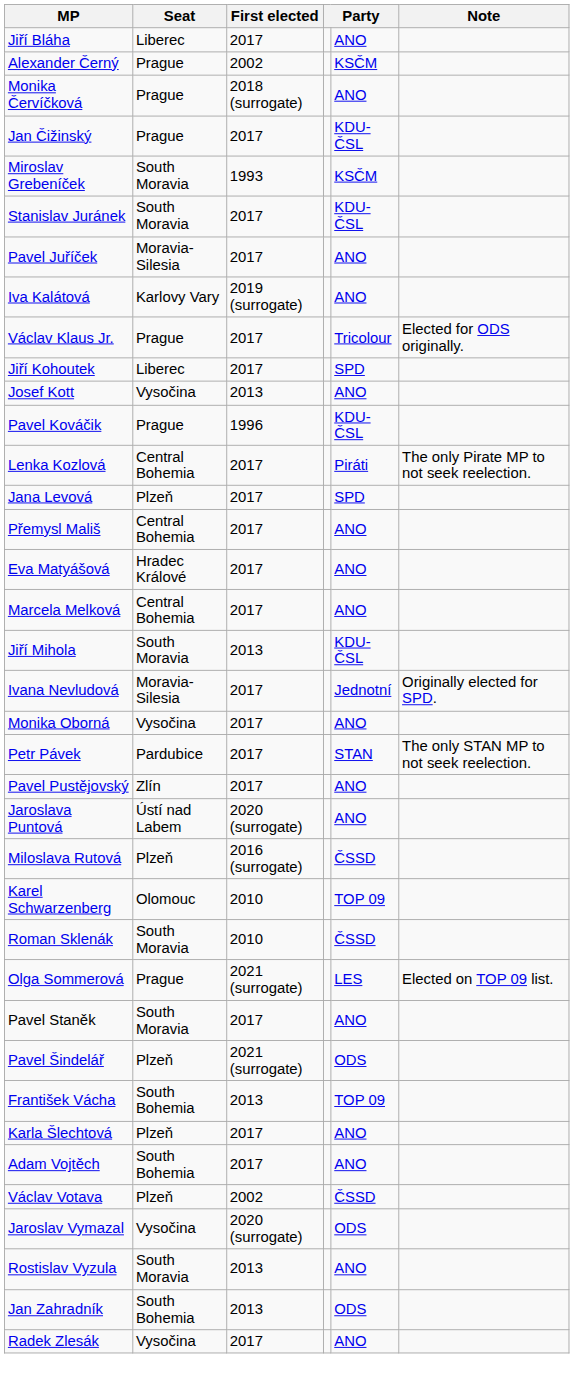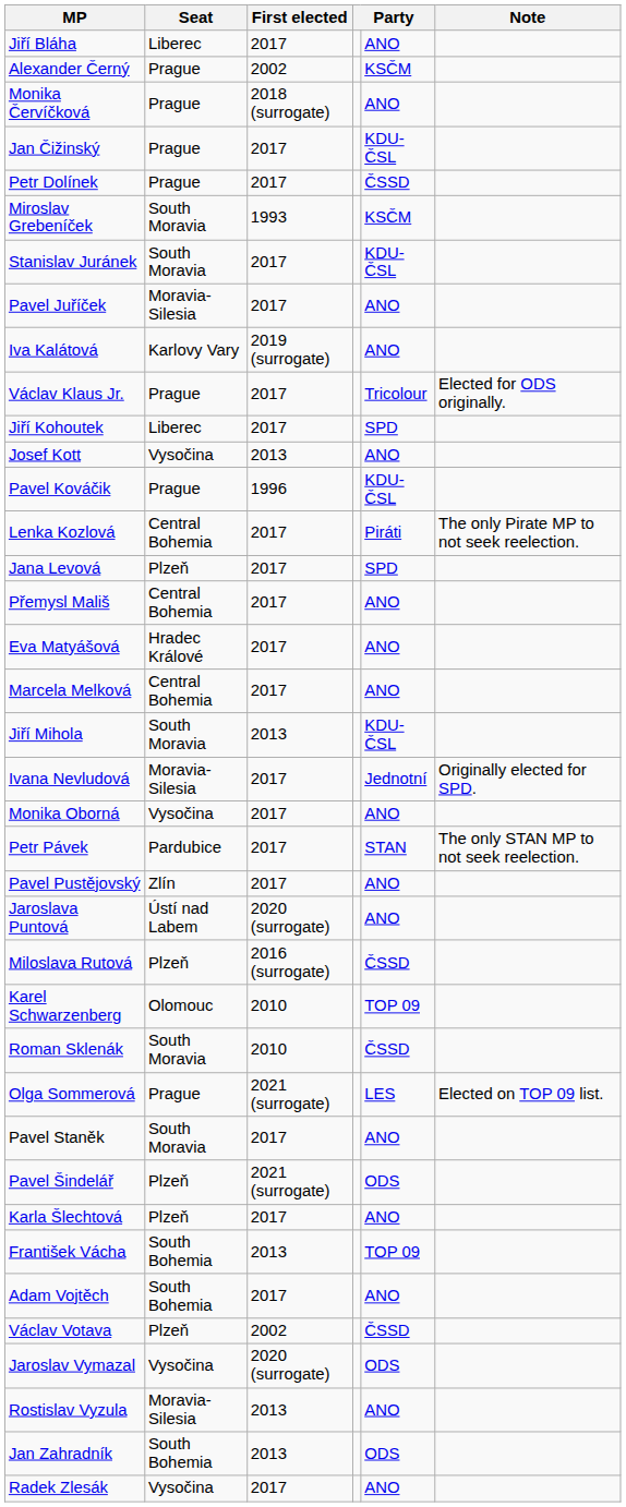 <table class="wikitable mw-collapsible mw-collapsed">
 <tr>
 <th scope="col">MP</th>
 <th scope="col">Seat</th>
 <th scope="col">First elected</th>
 <th colspan="2" scope="col">Party</th>
 <th scope="col">Note</th>
 </tr>
 <tr>
 <td><a href='#'>Jiří Bláha</a></td>
 <td>Liberec</td>
 <td>2017</td>
 <td width="1"></td>
 <td><a href='#'>ANO</a></td>
 <td></td>
 </tr>
 <tr>
 <td><a href='#'>Alexander Černý</a></td>
 <td>Prague</td>
 <td>2002</td>
 <td width="1"></td>
 <td><a href='#'>KSČM</a></td>
 <td></td>
 </tr>
 <tr>
 <td><a href='#'>Monika Červíčková</a></td>
 <td>Prague</td>
 <td>2018 (surrogate)</td>
 <td width="1"></td>
 <td><a href='#'>ANO</a></td>
 <td></td>
 </tr>
 <tr>
 <td><a href='#'>Jan Čižinský</a></td>
 <td>Prague</td>
 <td>2017</td>
 <td width="1"></td>
 <td><a href='#'>KDU-ČSL</a></td>
+<td></td>
+</tr>
+<tr>
+<td><a href='#'>Petr Dolínek</a></td>
+<td>Prague</td>
+<td>2017</td>
+<td width="1"></td>
+<td><a href='#'>ČSSD</a></td>
 <td></td>
 </tr>
 <tr>
 <td><a href='#'>Miroslav Grebeníček</a></td>
 <td>South Moravia</td>
 <td>1993</td>
 <td width="1"></td>
 <td><a href='#'>KSČM</a></td>
 <td></td>
 </tr>
 <tr>
 <td><a href='#'>Stanislav Juránek</a></td>
 <td>South Moravia</td>
 <td>2017</td>
 <td width="1"></td>
 <td><a href='#'>KDU-ČSL</a></td>
 <td></td>
 </tr>
 <tr>
 <td><a href='#'>Pavel Juříček</a></td>
 <td>Moravia-Silesia</td>
 <td>2017</td>
 <td width="1"></td>
 <td><a href='#'>ANO</a></td>
 <td></td>
 </tr>
 <tr>
 <td><a href='#'>Iva Kalátová</a></td>
 <td>Karlovy Vary</td>
 <td>2019 (surrogate)</td>
 <td width="1"></td>
 <td><a href='#'>ANO</a></td>
 <td></td>
 </tr>
 <tr>
 <td><a href='#'>Václav Klaus Jr.</a></td>
 <td>Prague</td>
 <td>2017</td>
 <td width="1"></td>
 <td><a href='#'>Tricolour</a></td>
 <td>Elected for <a href='#'>ODS</a> originally.</td>
 </tr>
 <tr>
 <td><a href='#'>Jiří Kohoutek</a></td>
 <td>Liberec</td>
 <td>2017</td>
 <td width="1"></td>
 <td><a href='#'>SPD</a></td>
 <td></td>
 </tr>
 <tr>
 <td><a href='#'>Josef Kott</a></td>
 <td>Vysočina</td>
 <td>2013</td>
 <td width="1"></td>
 <td><a href='#'>ANO</a></td>
 <td></td>
 </tr>
 <tr>
 <td><a href='#'>Pavel Kováčik</a></td>
 <td>Prague</td>
 <td>1996</td>
 <td width="1"></td>
 <td><a href='#'>KDU-ČSL</a></td>
 <td></td>
 </tr>
 <tr>
 <td><a href='#'>Lenka Kozlová</a></td>
 <td>Central Bohemia</td>
 <td>2017</td>
 <td width="1"></td>
 <td><a href='#'>Piráti</a></td>
 <td>The only Pirate MP to not seek reelection.</td>
 </tr>
 <tr>
 <td><a href='#'>Jana Levová</a></td>
 <td>Plzeň</td>
 <td>2017</td>
 <td width="1"></td>
 <td><a href='#'>SPD</a></td>
 <td></td>
 </tr>
 <tr>
 <td><a href='#'>Přemysl Mališ</a></td>
 <td>Central Bohemia</td>
 <td>2017</td>
 <td width="1"></td>
 <td><a href='#'>ANO</a></td>
 <td></td>
 </tr>
 <tr>
 <td><a href='#'>Eva Matyášová</a></td>
 <td>Hradec Králové</td>
 <td>2017</td>
 <td width="1"></td>
 <td><a href='#'>ANO</a></td>
 <td></td>
 </tr>
 <tr>
 <td><a href='#'>Marcela Melková</a></td>
 <td>Central Bohemia</td>
 <td>2017</td>
 <td width="1"></td>
 <td><a href='#'>ANO</a></td>
 <td></td>
 </tr>
 <tr>
 <td><a href='#'>Jiří Mihola</a></td>
 <td>South Moravia</td>
 <td>2013</td>
 <td width="1"></td>
 <td><a href='#'>KDU-ČSL</a></td>
 <td></td>
 </tr>
 <tr>
 <td><a href='#'>Ivana Nevludová</a></td>
 <td>Moravia-Silesia</td>
 <td>2017</td>
 <td width="1"></td>
 <td><a href='#'>Jednotní</a></td>
 <td>Originally elected for <a href='#'>SPD</a>.</td>
 </tr>
 <tr>
 <td><a href='#'>Monika Oborná</a></td>
 <td>Vysočina</td>
 <td>2017</td>
 <td width="1"></td>
 <td><a href='#'>ANO</a></td>
 <td></td>
 </tr>
 <tr>
 <td><a href='#'>Petr Pávek</a></td>
 <td>Pardubice</td>
 <td>2017</td>
 <td width="1"></td>
 <td><a href='#'>STAN</a></td>
 <td>The only STAN MP to not seek reelection.</td>
 </tr>
 <tr>
 <td><a href='#'>Pavel Pustějovský</a></td>
 <td>Zlín</td>
 <td>2017</td>
 <td width="1"></td>
 <td><a href='#'>ANO</a></td>
 <td></td>
 </tr>
 <tr>
 <td><a href='#'>Jaroslava Puntová</a></td>
 <td>Ústí nad Labem</td>
 <td>2020 (surrogate)</td>
 <td width="1"></td>
 <td><a href='#'>ANO</a></td>
 <td></td>
 </tr>
 <tr>
 <td><a href='#'>Miloslava Rutová</a></td>
 <td>Plzeň</td>
 <td>2016 (surrogate)</td>
 <td width="1"></td>
 <td><a href='#'>ČSSD</a></td>
 <td></td>
 </tr>
 <tr>
 <td><a href='#'>Karel Schwarzenberg</a></td>
 <td>Olomouc</td>
 <td>2010</td>
 <td width="1"></td>
 <td><a href='#'>TOP 09</a></td>
 <td></td>
 </tr>
 <tr>
 <td><a href='#'>Roman Sklenák</a></td>
 <td>South Moravia</td>
 <td>2010</td>
 <td width="1"></td>
 <td><a href='#'>ČSSD</a></td>
 <td></td>
 </tr>
 <tr>
 <td><a href='#'>Olga Sommerová</a></td>
 <td>Prague</td>
 <td>2021 (surrogate)</td>
 <td width="1"></td>
 <td><a href='#'>LES</a></td>
 <td>Elected on <a href='#'>TOP 09</a> list.</td>
 </tr>
 <tr>
 <td>Pavel Staněk</td>
 <td>South Moravia</td>
 <td>2017</td>
 <td width="1"></td>
 <td><a href='#'>ANO</a></td>
 <td></td>
 </tr>
 <tr>
 <td><a href='#'>Pavel Šindelář</a></td>
 <td>Plzeň</td>
 <td>2021 (surrogate)</td>
 <td width="1"></td>
 <td><a href='#'>ODS</a></td>
 <td></td>
 </tr>
 <tr>
+<td><a href='#'>Karla Šlechtová</a></td>
+<td>Plzeň</td>
+<td>2017</td>
+<td width="1"></td>
+<td><a href='#'>ANO</a></td>
+<td></td>
+</tr>
+<tr>
 <td><a href='#'>František Vácha</a></td>
 <td>South Bohemia</td>
 <td>2013</td>
 <td width="1"></td>
 <td><a href='#'>TOP 09</a></td>
-<td></td>
-</tr>
-<tr>
-<td><a href='#'>Karla Šlechtová</a></td>
-<td>Plzeň</td>
-<td>2017</td>
-<td width="1"></td>
-<td><a href='#'>ANO</a></td>
 <td></td>
 </tr>
 <tr>
 <td><a href='#'>Adam Vojtěch</a></td>
 <td>South Bohemia</td>
 <td>2017</td>
 <td width="1"></td>
 <td><a href='#'>ANO</a></td>
 <td></td>
 </tr>
 <tr>
 <td><a href='#'>Václav Votava</a></td>
 <td>Plzeň</td>
 <td>2002</td>
 <td width="1"></td>
 <td><a href='#'>ČSSD</a></td>
 <td></td>
 </tr>
 <tr>
 <td><a href='#'>Jaroslav Vymazal</a></td>
 <td>Vysočina</td>
 <td>2020 (surrogate)</td>
 <td width="1"></td>
 <td><a href='#'>ODS</a></td>
 <td></td>
 </tr>
 <tr>
 <td><a href='#'>Rostislav Vyzula</a></td>
-<td>South Moravia</td>
+<td>Moravia-Silesia</td>
 <td>2013</td>
 <td width="1"></td>
 <td><a href='#'>ANO</a></td>
 <td></td>
 </tr>
 <tr>
 <td><a href='#'>Jan Zahradník</a></td>
 <td>South Bohemia</td>
 <td>2013</td>
 <td width="1"></td>
 <td><a href='#'>ODS</a></td>
 <td></td>
 </tr>
 <tr>
 <td><a href='#'>Radek Zlesák</a></td>
 <td>Vysočina</td>
 <td>2017</td>
 <td width="1"></td>
 <td><a href='#'>ANO</a></td>
 <td></td>
 </tr>
 </table>
